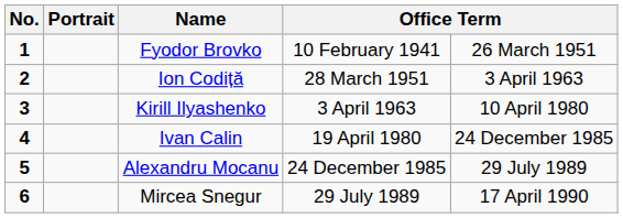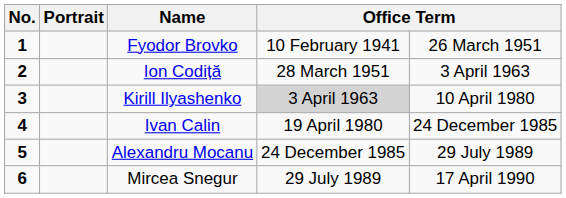 <table class="wikitable" style="text-align:center;">
 <tr>
 <th><strong>No.</strong></th>
 <th>Portrait</th>
 <th>Name<br></th>
 <th colspan="2">Office Term</th>
 </tr>
 <tr>
 <td><strong>1</strong></td>
 <td></td>
 <td><a href='#'>Fyodor Brovko</a><br></td>
 <td>10 February 1941</td>
 <td>26 March 1951</td>
 </tr>
 <tr>
 <td><strong>2</strong></td>
 <td></td>
 <td><a href='#'>Ion Codiță</a><br></td>
 <td>28 March 1951</td>
 <td>3 April 1963</td>
 </tr>
 <tr>
 <td><strong>3</strong></td>
 <td></td>
 <td><a href='#'>Kirill Ilyashenko</a><br></td>
-<td>3 April 1963</td>
+<td style="background: lightgrey;">3 April 1963</td>
 <td>10 April 1980</td>
 </tr>
 <tr>
 <td><strong>4</strong></td>
 <td></td>
 <td><a href='#'>Ivan Calin</a><br></td>
 <td>19 April 1980</td>
 <td>24 December 1985</td>
 </tr>
 <tr>
 <td><strong>5</strong></td>
 <td></td>
 <td><a href='#'>Alexandru Mocanu</a><br></td>
 <td>24 December 1985</td>
 <td>29 July 1989</td>
 </tr>
 <tr>
 <td><strong>6</strong></td>
 <td></td>
 <td>Mircea Snegur<br></td>
 <td>29 July 1989</td>
 <td>17 April 1990</td>
 </tr>
 </table>
